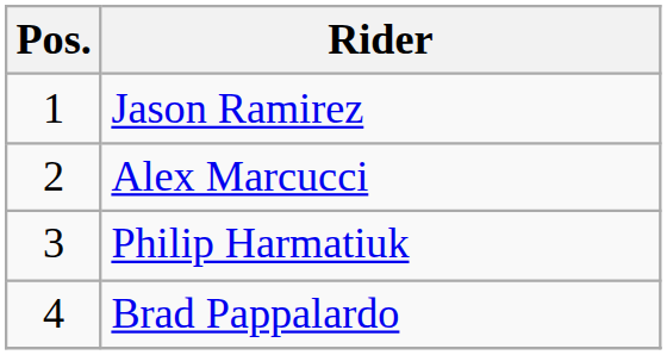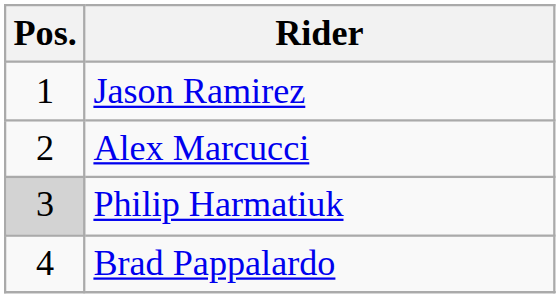 <table class=wikitable>
 <tr>
 <th width=25px>Pos.</th>
 <th width=200px>Rider</th>
 </tr>
 <tr align=center >
 <td>1</td>
 <td align=left> <a href='#'>Jason Ramirez</a></td>
 </tr>
 <tr align=center >
 <td>2</td>
 <td align=left> <a href='#'>Alex Marcucci</a></td>
 </tr>
 <tr align=center>
-<td>3</td>
+<td style="background: lightgrey;">3</td>
 <td align=left> <a href='#'>Philip Harmatiuk</a></td>
 </tr>
 <tr align=center>
 <td>4</td>
 <td align=left> <a href='#'>Brad Pappalardo</a></td>
 </tr>
 <tr align=center>
 </tr>
 </table>
